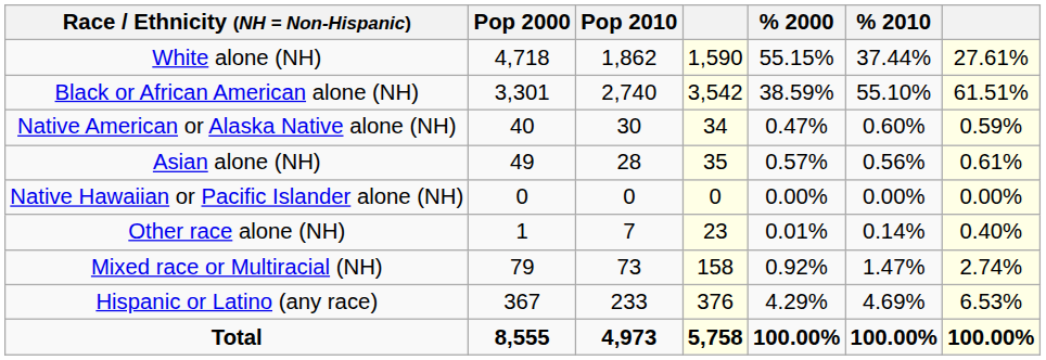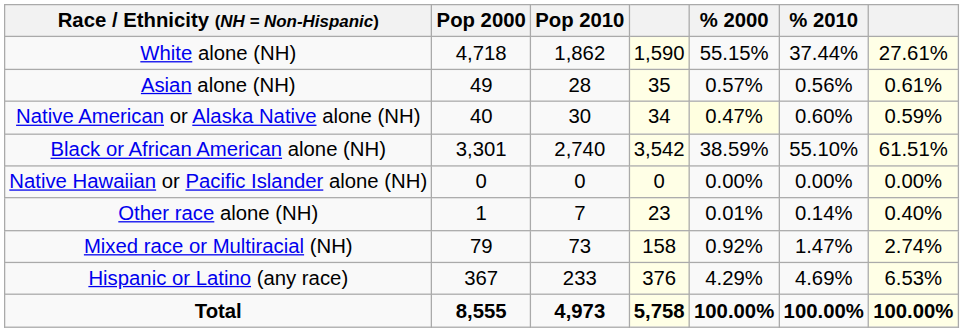 <table class="wikitable" style="text-align:center;">
 <tr>
 <th>Race / Ethnicity <small>(<em>NH = Non-Hispanic</em>)</small></th>
 <th>Pop 2000</th>
 <th>Pop 2010</th>
 <th></th>
 <th>% 2000</th>
 <th>% 2010</th>
 <th></th>
 </tr>
 <tr>
 <td><a href='#'>White</a> alone (NH)</td>
 <td>4,718</td>
 <td>1,862</td>
 <td style='background: #ffffe6;'>1,590</td>
 <td>55.15%</td>
 <td>37.44%</td>
 <td style='background: #ffffe6;'>27.61%</td>
 </tr>
 <tr>
+<td><a href='#'>Asian</a> alone (NH)</td>
+<td>49</td>
+<td>28</td>
+<td style='background: #ffffe6;'>35</td>
+<td>0.57%</td>
+<td>0.56%</td>
+<td style='background: #ffffe6;'>0.61%</td>
+</tr>
+<tr>
+<td><a href='#'>Native American</a> or <a href='#'>Alaska Native</a> alone (NH)</td>
+<td>40</td>
+<td>30</td>
+<td style='background: #ffffe6;'>34</td>
+<td style="background: lightyellow;">0.47%</td>
+<td>0.60%</td>
+<td style='background: #ffffe6;'>0.59%</td>
+</tr>
+<tr>
 <td><a href='#'>Black or African American</a> alone (NH)</td>
 <td>3,301</td>
 <td>2,740</td>
 <td style='background: #ffffe6;'>3,542</td>
 <td>38.59%</td>
 <td>55.10%</td>
 <td style='background: #ffffe6;'>61.51%</td>
-</tr>
-<tr>
-<td><a href='#'>Native American</a> or <a href='#'>Alaska Native</a> alone (NH)</td>
-<td>40</td>
-<td>30</td>
-<td style='background: #ffffe6;'>34</td>
-<td>0.47%</td>
-<td>0.60%</td>
-<td style='background: #ffffe6;'>0.59%</td>
-</tr>
-<tr>
-<td><a href='#'>Asian</a> alone (NH)</td>
-<td>49</td>
-<td>28</td>
-<td style='background: #ffffe6;'>35</td>
-<td>0.57%</td>
-<td>0.56%</td>
-<td style='background: #ffffe6;'>0.61%</td>
 </tr>
 <tr>
 <td><a href='#'>Native Hawaiian</a> or <a href='#'>Pacific Islander</a> alone (NH)</td>
 <td>0</td>
 <td>0</td>
 <td style='background: #ffffe6;'>0</td>
 <td>0.00%</td>
 <td>0.00%</td>
 <td style='background: #ffffe6;'>0.00%</td>
 </tr>
 <tr>
 <td><a href='#'>Other race</a> alone (NH)</td>
 <td>1</td>
 <td>7</td>
 <td style='background: #ffffe6;'>23</td>
 <td>0.01%</td>
 <td>0.14%</td>
 <td style='background: #ffffe6;'>0.40%</td>
 </tr>
 <tr>
 <td><a href='#'>Mixed race or Multiracial</a> (NH)</td>
 <td>79</td>
 <td>73</td>
 <td style='background: #ffffe6;'>158</td>
 <td>0.92%</td>
 <td>1.47%</td>
 <td style='background: #ffffe6;'>2.74%</td>
 </tr>
 <tr>
 <td><a href='#'>Hispanic or Latino</a> (any race)</td>
 <td>367</td>
 <td>233</td>
 <td style='background: #ffffe6;'>376</td>
 <td>4.29%</td>
 <td>4.69%</td>
 <td style='background: #ffffe6;'>6.53%</td>
 </tr>
 <tr>
 <td><strong>Total</strong></td>
 <td><strong>8,555</strong></td>
 <td><strong>4,973</strong></td>
 <td style='background: #ffffe6;'><strong>5,758</strong></td>
 <td><strong>100.00%</strong></td>
 <td><strong>100.00%</strong></td>
 <td style='background: #ffffe6;'><strong>100.00%</strong></td>
 </tr>
 </table>
